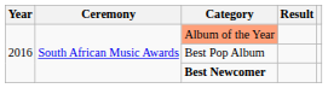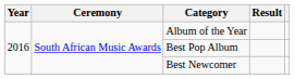 <table class="wikitable sortable plainrowheaders">
 <tr>
 <th scope="col">Year</th>
 <th scope="col">Ceremony</th>
 <th scope="col">Category</th>
 <th scope="col">Result</th>
 <th scope="col" class="unsortable"></th>
 </tr>
 <tr>
 <td rowspan="3">2016</td>
 <td rowspan="3"><a href='#'>South African Music Awards</a></td>
-<td style="background: lightsalmon;">Album of the Year</td>
+<td>Album of the Year</td>
 <td></td>
 <td></td>
 </tr>
 <tr>
 <td>Best Pop Album</td>
 <td></td>
 <td></td>
 </tr>
 <tr>
-<td><strong>Best Newcomer</strong></td>
+<td>Best Newcomer</td>
 <td></td>
 <td></td>
 </tr>
 </table>
